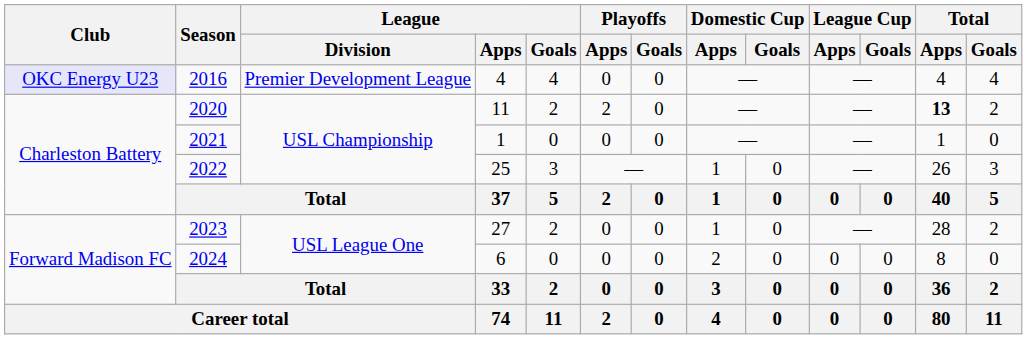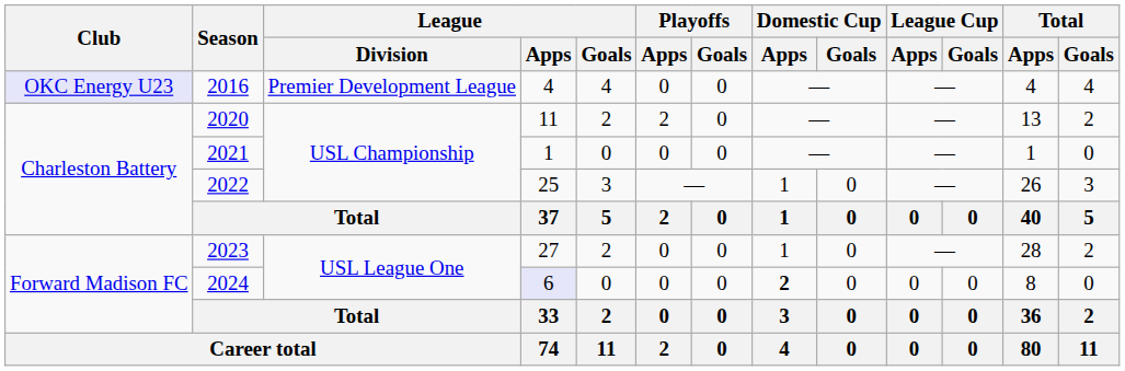 <table class="wikitable" style="text-align:center">
 <tr>
 <th rowspan="2">Club</th>
 <th rowspan="2">Season</th>
 <th colspan="3">League</th>
 <th colspan="2">Playoffs</th>
 <th colspan="2">Domestic Cup</th>
 <th colspan="2">League Cup</th>
 <th colspan="2">Total</th>
 </tr>
 <tr>
 <th>Division</th>
 <th>Apps</th>
 <th>Goals</th>
 <th>Apps</th>
 <th>Goals</th>
 <th>Apps</th>
 <th>Goals</th>
 <th>Apps</th>
 <th>Goals</th>
 <th>Apps</th>
 <th>Goals</th>
 </tr>
 <tr>
 <td style="background: lavender;"><a href='#'>OKC Energy U23</a></td>
 <td><a href='#'>2016</a></td>
 <td><a href='#'>Premier Development League</a></td>
 <td>4</td>
 <td>4</td>
 <td>0</td>
 <td>0</td>
 <td colspan="2">—</td>
 <td colspan="2">—</td>
 <td>4</td>
 <td>4</td>
 </tr>
 <tr>
 <td rowspan=4><a href='#'>Charleston Battery</a></td>
 <td><a href='#'>2020</a></td>
 <td rowspan=3><a href='#'>USL Championship</a></td>
 <td>11</td>
 <td>2</td>
 <td>2</td>
 <td>0</td>
 <td colspan="2">—</td>
 <td colspan="2">—</td>
-<td><strong>13</strong></td>
+<td>13</td>
 <td>2</td>
 </tr>
 <tr>
 <td><a href='#'>2021</a></td>
 <td>1</td>
 <td>0</td>
 <td>0</td>
 <td>0</td>
 <td colspan="2">—</td>
 <td colspan="2">—</td>
 <td>1</td>
 <td>0</td>
 </tr>
 <tr>
 <td><a href='#'>2022</a></td>
 <td>25</td>
 <td>3</td>
 <td colspan="2">—</td>
 <td>1</td>
 <td>0</td>
 <td colspan="2">—</td>
 <td>26</td>
 <td>3</td>
 </tr>
 <tr>
 <th colspan="2">Total</th>
 <th>37</th>
 <th>5</th>
 <th>2</th>
 <th>0</th>
 <th>1</th>
 <th>0</th>
 <th>0</th>
 <th>0</th>
 <th>40</th>
 <th>5</th>
 </tr>
 <tr>
 <td rowspan=3><a href='#'>Forward Madison FC</a></td>
 <td><a href='#'>2023</a></td>
 <td rowspan=2><a href='#'>USL League One</a></td>
 <td>27</td>
 <td>2</td>
 <td>0</td>
 <td>0</td>
 <td>1</td>
 <td>0</td>
 <td colspan="2">—</td>
 <td>28</td>
 <td>2</td>
 </tr>
 <tr>
 <td><a href='#'>2024</a></td>
-<td>6</td>
+<td style="background: lavender;">6</td>
 <td>0</td>
 <td>0</td>
 <td>0</td>
-<td>2</td>
+<td><strong>2</strong></td>
 <td>0</td>
 <td>0</td>
 <td>0</td>
 <td>8</td>
 <td>0</td>
 </tr>
 <tr>
 <th colspan="2">Total</th>
 <th>33</th>
 <th>2</th>
 <th>0</th>
 <th>0</th>
 <th>3</th>
 <th>0</th>
 <th>0</th>
 <th>0</th>
 <th>36</th>
 <th>2</th>
 </tr>
 <tr>
 <th colspan="3">Career total</th>
 <th>74</th>
 <th>11</th>
 <th>2</th>
 <th>0</th>
 <th>4</th>
 <th>0</th>
 <th>0</th>
 <th>0</th>
 <th>80</th>
 <th>11</th>
 </tr>
 </table>
